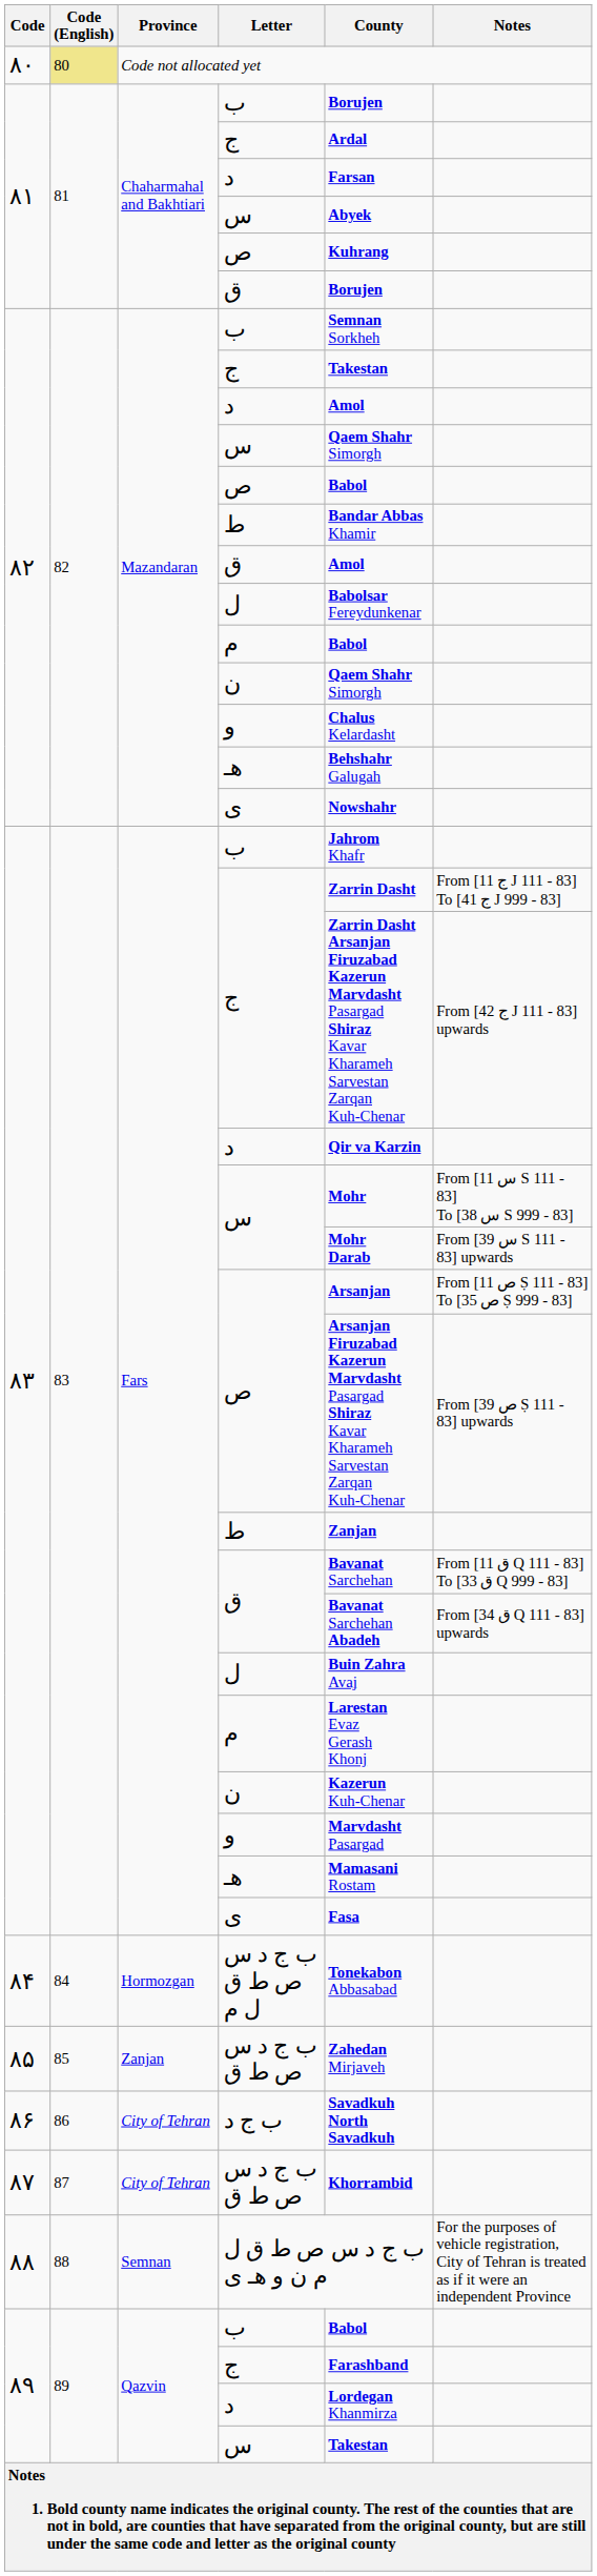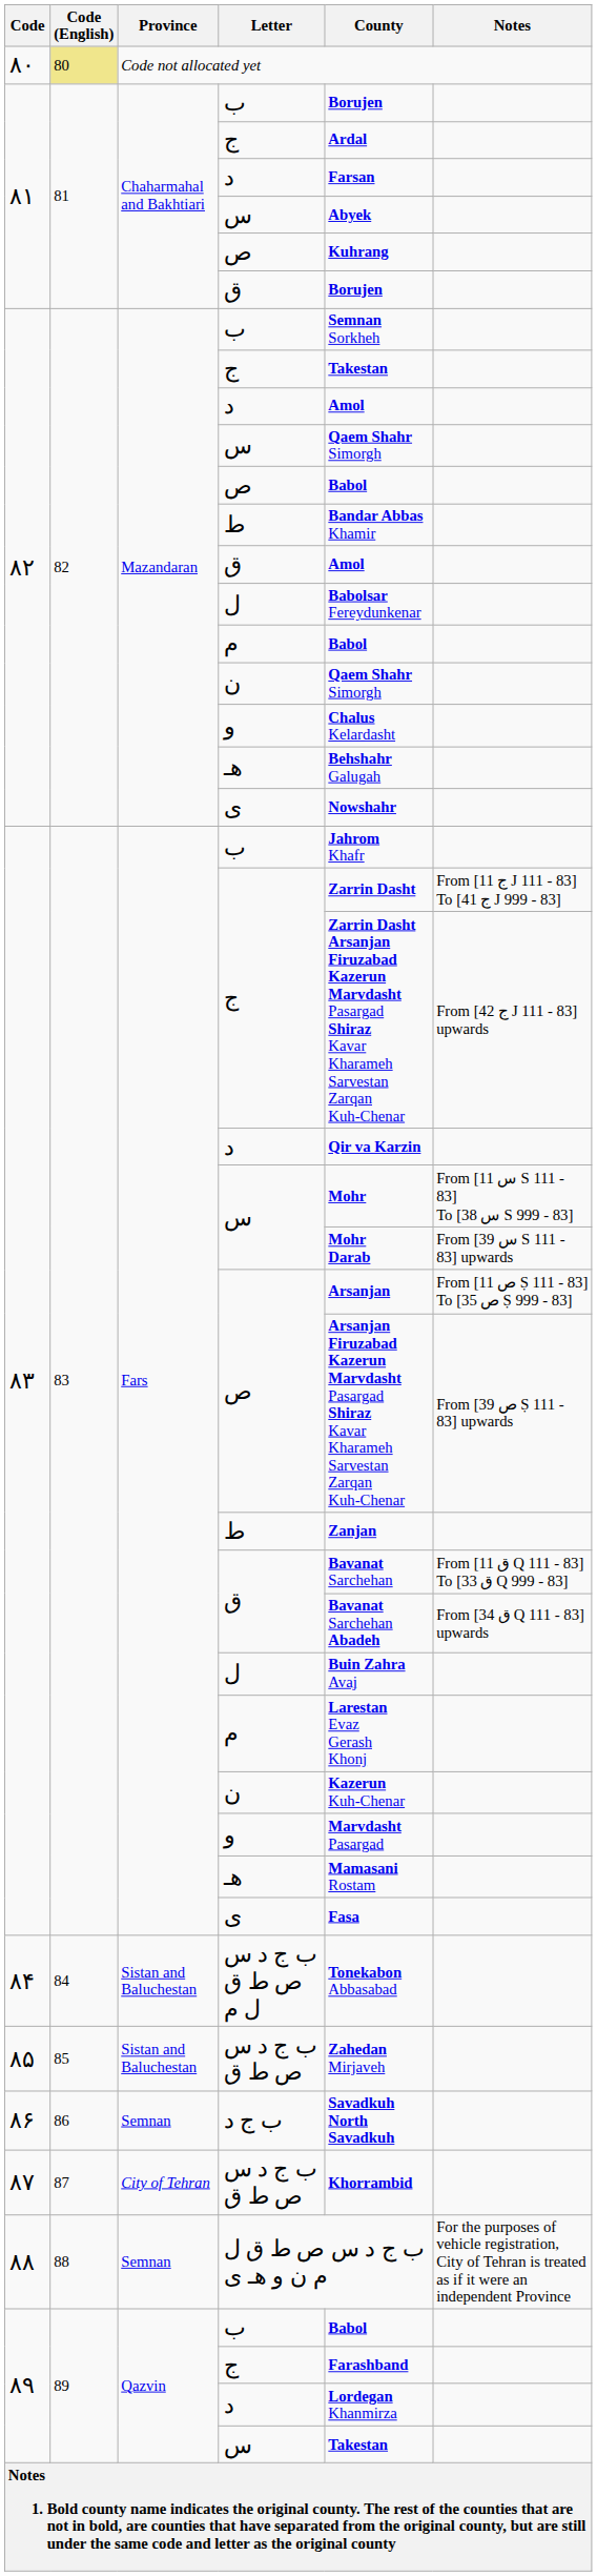 <table class="wikitable mw-collapsible mw-collapsed">
 <tr>
 <th scope="col" style="width: 50px;">Code</th>
 <th scope="col" style="width: 50px;">Code<br>(English)</th>
 <th scope="col" style="width: 125px;">Province</th>
 <th scope="col" style="width: 250px;">Letter</th>
 <th scope="col" style="width: 125px;">County</th>
 <th scope="col" style="width: 350px;">Notes</th>
 </tr>
 <tr>
 <td style="font-size:150%">۸۰</td>
 <td style="background: khaki;">80</td>
 <td colspan="4"><em>Code not allocated yet</em></td>
 </tr>
 <tr>
 <td rowspan="6" style="font-size:150%">۸۱</td>
 <td rowspan="6">81</td>
 <td rowspan="6"><a href='#'>Chaharmahal and Bakhtiari</a></td>
 <td style="font-size:150%">ب</td>
 <td><strong><a href='#'>Borujen</a></strong></td>
 <td></td>
 </tr>
 <tr>
 <td style="font-size:150%">ج</td>
 <td><strong><a href='#'>Ardal</a></strong></td>
 <td></td>
 </tr>
 <tr>
 <td style="font-size:150%">د</td>
 <td><strong><a href='#'>Farsan</a></strong></td>
 <td></td>
 </tr>
 <tr>
 <td style="font-size:150%">س</td>
 <td><strong><a href='#'>Abyek</a></strong></td>
 <td></td>
 </tr>
 <tr>
 <td style="font-size:150%">ص</td>
 <td><strong><a href='#'>Kuhrang</a></strong></td>
 <td></td>
 </tr>
 <tr>
 <td style="font-size:150%">ق</td>
 <td><strong><a href='#'>Borujen</a></strong></td>
 <td></td>
 </tr>
 <tr>
 <td rowspan="13" style="font-size:150%">۸۲</td>
 <td rowspan="13">82</td>
 <td rowspan="13"><a href='#'>Mazandaran</a></td>
 <td style="font-size:150%">ب</td>
 <td><strong><a href='#'>Semnan</a></strong><br><a href='#'>Sorkheh</a></td>
 <td></td>
 </tr>
 <tr>
 <td style="font-size:150%">ج</td>
 <td><strong><a href='#'>Takestan</a></strong></td>
 <td></td>
 </tr>
 <tr>
 <td style="font-size:150%">د</td>
 <td><strong><a href='#'>Amol</a></strong></td>
 <td></td>
 </tr>
 <tr>
 <td style="font-size:150%">س</td>
 <td><strong><a href='#'>Qaem Shahr</a></strong><br><a href='#'>Simorgh</a></td>
 <td></td>
 </tr>
 <tr>
 <td style="font-size:150%">ص</td>
 <td><strong><a href='#'>Babol</a></strong></td>
 <td></td>
 </tr>
 <tr>
 <td style="font-size:150%">ط</td>
 <td><strong><a href='#'>Bandar Abbas</a></strong><br><a href='#'>Khamir</a></td>
 <td></td>
 </tr>
 <tr>
 <td style="font-size:150%">ق</td>
 <td><strong><a href='#'>Amol</a></strong></td>
 <td></td>
 </tr>
 <tr>
 <td style="font-size:150%">ل</td>
 <td><strong><a href='#'>Babolsar</a></strong><br><a href='#'>Fereydunkenar</a></td>
 <td></td>
 </tr>
 <tr>
 <td style="font-size:150%">م</td>
 <td><strong><a href='#'>Babol</a></strong></td>
 <td></td>
 </tr>
 <tr>
 <td style="font-size:150%">ن</td>
 <td><strong><a href='#'>Qaem Shahr</a></strong><br><a href='#'>Simorgh</a></td>
 <td></td>
 </tr>
 <tr>
 <td style="font-size:150%">و</td>
 <td><strong><a href='#'>Chalus</a></strong><br><a href='#'>Kelardasht</a></td>
 <td></td>
 </tr>
 <tr>
 <td style="font-size:150%">هـ</td>
 <td><strong><a href='#'>Behshahr</a></strong><br><a href='#'>Galugah</a></td>
 <td></td>
 </tr>
 <tr>
 <td style="font-size:150%">ی</td>
 <td><strong><a href='#'>Nowshahr</a></strong></td>
 <td></td>
 </tr>
 <tr>
 <td rowspan="17" style="font-size:150%">۸۳</td>
 <td rowspan="17">83</td>
 <td rowspan="17"><a href='#'>Fars</a></td>
 <td style="font-size:150%">ب</td>
 <td><strong><a href='#'>Jahrom</a></strong><br><a href='#'>Khafr</a></td>
 <td></td>
 </tr>
 <tr>
 <td rowspan="2" style="font-size:150%">ج</td>
 <td><strong><a href='#'>Zarrin Dasht</a></strong></td>
 <td>From [11 ج J 111 - 83]<br>To [41 ج J 999 - 83]</td>
 </tr>
 <tr>
 <td><strong><a href='#'>Zarrin Dasht</a></strong><br><strong><a href='#'>Arsanjan</a></strong><br><strong><a href='#'>Firuzabad</a></strong><br><strong><a href='#'>Kazerun</a></strong><br><strong><a href='#'>Marvdasht</a></strong><br><a href='#'>Pasargad</a><br><strong><a href='#'>Shiraz</a></strong><br><a href='#'>Kavar</a><br><a href='#'>Kharameh</a><br><a href='#'>Sarvestan</a><br><a href='#'>Zarqan</a><br><a href='#'>Kuh-Chenar</a></td>
 <td>From [42 ج J 111 - 83] upwards</td>
 </tr>
 <tr>
 <td style="font-size:150%">د</td>
 <td><strong><a href='#'>Qir va Karzin</a></strong></td>
 <td></td>
 </tr>
 <tr>
 <td rowspan="2" style="font-size:150%">س</td>
 <td><strong><a href='#'>Mohr</a></strong></td>
 <td>From [11 س S 111 - 83]<br>To [38 س S 999 - 83]</td>
 </tr>
 <tr>
 <td><strong><a href='#'>Mohr</a></strong><br><strong><a href='#'>Darab</a></strong></td>
 <td>From [39 س S 111 - 83] upwards</td>
 </tr>
 <tr>
 <td rowspan="2" style="font-size:150%">ص</td>
 <td><strong><a href='#'>Arsanjan</a></strong></td>
 <td>From [11 ص Ṣ 111 - 83]<br>To [35 ص Ṣ 999 - 83]</td>
 </tr>
 <tr>
 <td><strong><a href='#'>Arsanjan</a></strong><br><strong><a href='#'>Firuzabad</a></strong><br><strong><a href='#'>Kazerun</a></strong><br><strong><a href='#'>Marvdasht</a></strong><br><a href='#'>Pasargad</a><br><strong><a href='#'>Shiraz</a></strong><br><a href='#'>Kavar</a><br><a href='#'>Kharameh</a><br><a href='#'>Sarvestan</a><br><a href='#'>Zarqan</a><br><a href='#'>Kuh-Chenar</a></td>
 <td>From [39 ص Ṣ 111 - 83] upwards</td>
 </tr>
 <tr>
 <td style="font-size:150%">ط</td>
 <td><strong><a href='#'>Zanjan</a></strong></td>
 <td></td>
 </tr>
 <tr>
 <td rowspan="2" style="font-size:150%">ق</td>
 <td><strong><a href='#'>Bavanat</a></strong><br><a href='#'>Sarchehan</a></td>
 <td>From [11 ق Q 111 - 83]<br>To [33 ق Q 999 - 83]</td>
 </tr>
 <tr>
 <td><strong><a href='#'>Bavanat</a></strong><br><a href='#'>Sarchehan</a><br><strong><a href='#'>Abadeh</a></strong></td>
 <td>From [34 ق Q 111 - 83] upwards</td>
 </tr>
 <tr>
 <td style="font-size:150%">ل</td>
 <td><strong><a href='#'>Buin Zahra</a></strong><br><a href='#'>Avaj</a></td>
 <td></td>
 </tr>
 <tr>
 <td style="font-size:150%">م</td>
 <td><strong><a href='#'>Larestan</a></strong><br><a href='#'>Evaz</a><br><a href='#'>Gerash</a><br><a href='#'>Khonj</a></td>
 <td></td>
 </tr>
 <tr>
 <td style="font-size:150%">ن</td>
 <td><strong><a href='#'>Kazerun</a></strong><br><a href='#'>Kuh-Chenar</a></td>
 <td></td>
 </tr>
 <tr>
 <td style="font-size:150%">و</td>
 <td><strong><a href='#'>Marvdasht</a></strong><br><a href='#'>Pasargad</a></td>
 <td></td>
 </tr>
 <tr>
 <td style="font-size:150%">هـ</td>
 <td><strong><a href='#'>Mamasani</a></strong><br><a href='#'>Rostam</a></td>
 <td></td>
 </tr>
 <tr>
 <td style="font-size:150%">ی</td>
 <td><strong><a href='#'>Fasa</a></strong></td>
 <td></td>
 </tr>
 <tr>
 <td style="font-size:150%">۸۴</td>
 <td>84</td>
-<td><a href='#'>Hormozgan</a></td>
+<td><a href='#'>Sistan and Baluchestan</a></td>
 <td style="font-size:150%">ب ج د س ص ط ق ل م</td>
 <td><strong><a href='#'>Tonekabon</a></strong><br><a href='#'>Abbasabad</a></td>
 <td></td>
 </tr>
 <tr>
 <td style="font-size:150%">۸۵</td>
 <td>85</td>
-<td><a href='#'>Zanjan</a></td>
+<td><a href='#'>Sistan and Baluchestan</a></td>
 <td style="font-size:150%">ب ج د س ص ط ق</td>
 <td><strong><a href='#'>Zahedan</a></strong><br><a href='#'>Mirjaveh</a></td>
 <td></td>
 </tr>
 <tr>
 <td style="font-size:150%">۸۶</td>
 <td>86</td>
-<td><em><a href='#'>City of Tehran</a></em></td>
+<td><a href='#'>Semnan</a></td>
 <td style="font-size:150%">ب ج د</td>
 <td><strong><a href='#'>Savadkuh</a><br><a href='#'>North Savadkuh</a></strong></td>
 <td></td>
 </tr>
 <tr>
 <td style="font-size:150%">۸۷</td>
 <td>87</td>
 <td><em><a href='#'>City of Tehran</a></em></td>
 <td style="font-size:150%">ب ج د س ص ط ق</td>
 <td><strong><a href='#'>Khorrambid</a></strong></td>
 <td></td>
 </tr>
 <tr>
 <td style="font-size:150%">۸۸</td>
 <td>88</td>
 <td><a href='#'>Semnan</a></td>
 <td style="font-size:150%" colspan="2">ب ج د س ص ط ق ل م ن و هـ ی</td>
 <td>For the purposes of vehicle registration, City of Tehran is treated as if it were an independent Province</td>
 </tr>
 <tr>
 <td rowspan="4" style="font-size:150%">۸۹</td>
 <td rowspan="4">89</td>
 <td rowspan="4"><a href='#'>Qazvin</a></td>
 <td style="font-size:150%">ب</td>
 <td><strong><a href='#'>Babol</a></strong></td>
 <td></td>
 </tr>
 <tr>
 <td style="font-size:150%">ج</td>
 <td><strong><a href='#'>Farashband</a></strong></td>
 <td></td>
 </tr>
 <tr>
 <td style="font-size:150%">د</td>
 <td><strong><a href='#'>Lordegan</a></strong><br><a href='#'>Khanmirza</a></td>
 <td></td>
 </tr>
 <tr>
 <td style="font-size:150%">س</td>
 <td><strong><a href='#'>Takestan</a></strong></td>
 <td></td>
 </tr>
 <tr>
 <th colspan="6" style=text-align:left>Notes<br><ol><li>Bold county name indicates the original county. The rest of the counties that are not in bold, are counties that have separated from the original county, but are still under the same code and letter as the original county</li></ol></th>
 </tr>
 </table>
